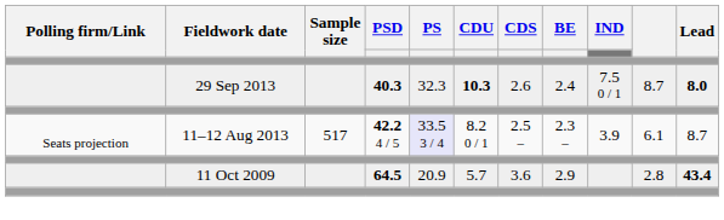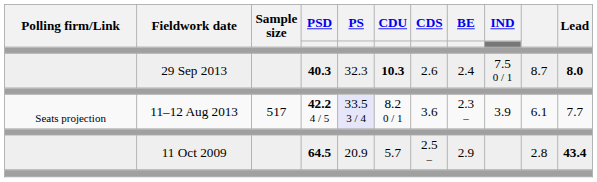 <table class="wikitable collapsible sortable" style="text-align:center; font-size:95%; line-height:16px;">
 <tr style="height:42px;">
 <th style="width:145px;" rowspan="2">Polling firm/Link</th>
 <th style="width:125px;" rowspan="2">Fieldwork date</th>
 <th class="unsortable" style="width:50px;" rowspan="2">Sample size</th>
 <th class="unsortable" style="width:35px;"><a href='#'>PSD</a></th>
 <th class="unsortable" style="width:35px;"><a href='#'>PS</a></th>
 <th class="unsortable" style="width:35px;"><a href='#'>CDU</a></th>
 <th class="unsortable" style="width:35px;"><a href='#'>CDS</a></th>
 <th class="unsortable" style="width:35px;"><a href='#'>BE</a></th>
 <th class="unsortable" style="width:35px;"><a href='#'>IND</a></th>
 <th class="unsortable" style="width:35px;" rowspan="2"></th>
 <th class="unsortable" style="width:30px;" rowspan="2">Lead</th>
 </tr>
 <tr>
 <th class="unsortable" style="color:inherit;background:"></th>
 <th class="unsortable" style="color:inherit;background:"></th>
 <th class="unsortable" style="color:inherit;background:"></th>
 <th class="unsortable" style="color:inherit;background:"></th>
 <th class="unsortable" style="color:inherit;background:"></th>
 <th class="unsortable" style="color:inherit;background:#777777;"></th>
 </tr>
 <tr>
 <td colspan="13" style="background:#A0A0A0"></td>
 </tr>
 <tr style="background:#EFEFEF;">
 <td><strong></strong></td>
 <td data-sort-value="2019-10-06">29 Sep 2013</td>
 <td></td>
 <td><strong>40.3</strong><br></td>
 <td>32.3<br></td>
 <td><strong>10.3<br></strong></td>
 <td>2.6<br></td>
 <td>2.4<br></td>
 <td align="center">7.5<br><small>0 / 1 </small></td>
 <td>8.7</td>
 <td style="background:"><strong>8.0</strong></td>
 </tr>
 <tr>
 <td colspan="13" style="background:#A0A0A0"></td>
 </tr>
 <tr>
 <td align="center"><br><small>Seats projection</small></td>
 <td align="center">11–12 Aug 2013</td>
 <td>517</td>
 <td align="center" ><strong>42.2</strong><br><small>4 / 5 </small></td>
 <td align="center" style="background: lavender;">33.5<br><small>3 / 4 </small></td>
 <td align="center">8.2<br><small>0 / 1 </small></td>
-<td align="center">2.5<br><small> – </small></td>
+<td>3.6<br></td>
 <td align="center">2.3<br><small> – </small></td>
 <td>3.9<br></td>
 <td align="center">6.1</td>
-<td style="background:">8.7</td>
+<td style="background:">7.7</td>
 </tr>
 <tr>
 <td colspan="13" style="background:#A0A0A0"></td>
 </tr>
 <tr style="background:#EFEFEF;">
 <td><strong></strong></td>
 <td data-sort-value="2019-10-06">11 Oct 2009</td>
 <td></td>
 <td><strong>64.5</strong><br></td>
 <td>20.9<br></td>
 <td>5.7<br></td>
-<td>3.6<br></td>
+<td align="center">2.5<br><small> – </small></td>
 <td>2.9<br></td>
 <td></td>
 <td>2.8</td>
 <td style="background:"><strong>43.4</strong></td>
 </tr>
 <tr>
 <td colspan="13" style="background:#A0A0A0"></td>
 </tr>
 <tr>
 </tr>
 </table>
